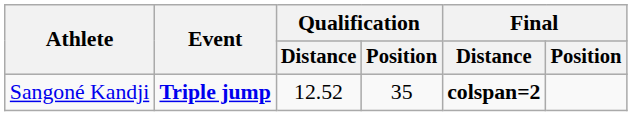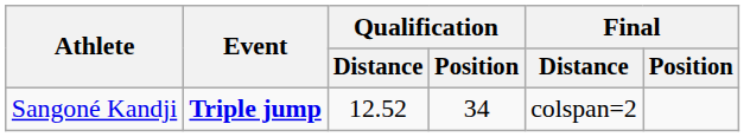 <table class=wikitable style=font-size:90%>
 <tr>
 <th rowspan=2>Athlete</th>
 <th rowspan=2>Event</th>
 <th colspan=2>Qualification</th>
 <th colspan=2>Final</th>
 </tr>
 <tr style=font-size:95%>
 <th>Distance</th>
 <th>Position</th>
 <th>Distance</th>
 <th>Position</th>
 </tr>
 <tr align=center>
 <td align=left><a href='#'>Sangoné Kandji</a></td>
 <td align=left><strong><a href='#'>Triple jump</a></strong></td>
 <td>12.52</td>
-<td>35</td>
-<td><strong>colspan=2 </strong></td>
+<td>34</td>
+<td>colspan=2 </td>
 </tr>
 </table>
